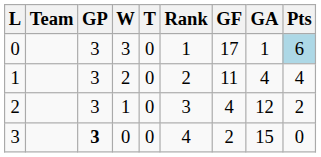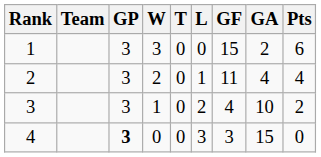 <table class="wikitable" style="text-align:center">
 <tr>
-<th>L</th>
+<th>Rank</th>
 <th>Team</th>
 <th>GP</th>
 <th>W</th>
 <th>T</th>
-<th>Rank</th>
+<th>L</th>
 <th>GF</th>
 <th>GA</th>
 <th>Pts</th>
 </tr>
 <tr>
-<td>0</td>
+<td>1</td>
 <td align="left"></td>
 <td>3</td>
 <td>3</td>
 <td>0</td>
-<td>1</td>
-<td>17</td>
-<td>1</td>
-<td style="background: lightblue;">6</td>
+<td>0</td>
+<td>15</td>
+<td>2</td>
+<td>6</td>
 </tr>
 <tr>
-<td>1</td>
+<td>2</td>
 <td align="left"></td>
 <td>3</td>
 <td>2</td>
 <td>0</td>
-<td>2</td>
+<td>1</td>
 <td>11</td>
 <td>4</td>
 <td>4</td>
 </tr>
 <tr>
-<td>2</td>
+<td>3</td>
 <td align="left"></td>
 <td>3</td>
 <td>1</td>
 <td>0</td>
-<td>3</td>
+<td>2</td>
 <td>4</td>
-<td>12</td>
+<td>10</td>
 <td>2</td>
 </tr>
 <tr>
-<td>3</td>
+<td>4</td>
 <td align="left"></td>
 <td><strong>3</strong></td>
 <td>0</td>
 <td>0</td>
-<td>4</td>
-<td>2</td>
+<td>3</td>
+<td>3</td>
 <td>15</td>
 <td>0</td>
 </tr>
 </table>
